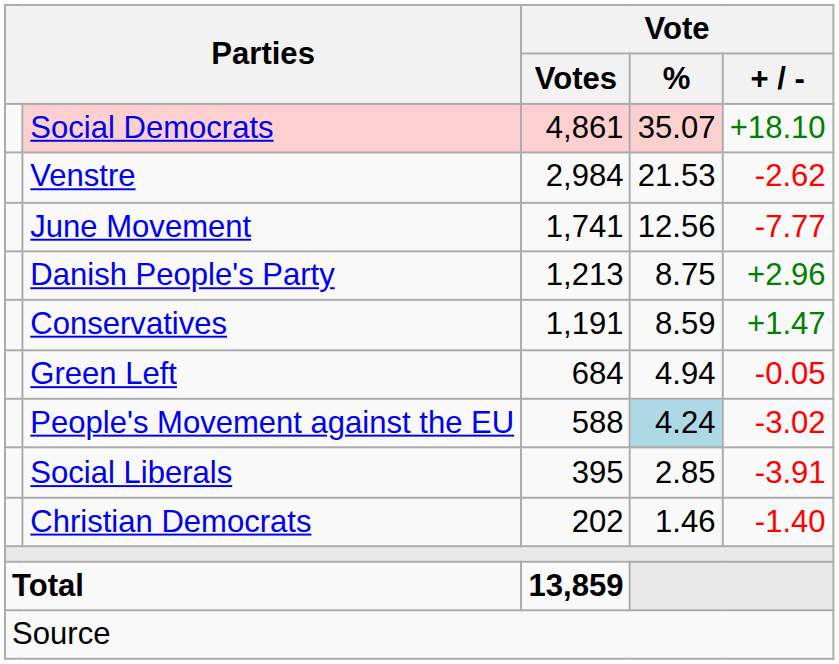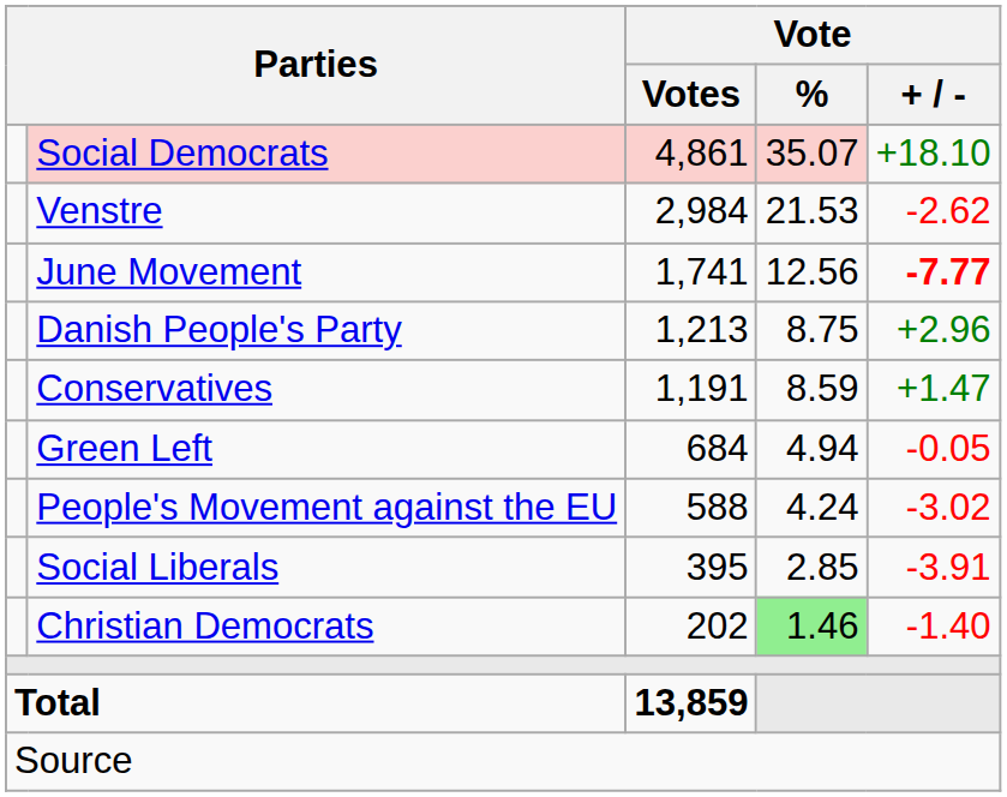 <table class="wikitable" style="text-align:right;">
 <tr>
 <th style="text-align:centre;" rowspan="2" colspan="2" width="225">Parties</th>
 <th colspan="3">Vote</th>
 </tr>
 <tr>
 <th width="15">Votes</th>
 <th width="15">%</th>
 <th width="15">+ / -</th>
 </tr>
 <tr>
 <td width="2" style="color:inherit;background:"></td>
 <td bgcolor=#fbd0ce   align="left"><a href='#'>Social Democrats</a></td>
 <td bgcolor=#fbd0ce>4,861</td>
 <td bgcolor=#fbd0ce>35.07</td>
 <td style=color:green;>+18.10</td>
 </tr>
 <tr>
 <td width="2" style="color:inherit;background:"></td>
 <td align="left"><a href='#'>Venstre</a></td>
 <td>2,984</td>
 <td>21.53</td>
 <td style=color:red;>-2.62</td>
 </tr>
 <tr>
 <td width="2" style="color:inherit;background:"></td>
 <td align="left"><a href='#'>June Movement</a></td>
 <td>1,741</td>
 <td>12.56</td>
-<td style=color:red;>-7.77</td>
+<td style=color:red;><strong>-7.77</strong></td>
 </tr>
 <tr>
 <td width="2" style="color:inherit;background:"></td>
 <td align="left"><a href='#'>Danish People's Party</a></td>
 <td>1,213</td>
 <td>8.75</td>
 <td style=color:green;>+2.96</td>
 </tr>
 <tr>
 <td width="2" style="color:inherit;background:"></td>
 <td align="left"><a href='#'>Conservatives</a></td>
 <td>1,191</td>
 <td>8.59</td>
 <td style=color:green;>+1.47</td>
 </tr>
 <tr>
 <td width="2" style="color:inherit;background:"></td>
 <td align="left"><a href='#'>Green Left</a></td>
 <td>684</td>
 <td>4.94</td>
 <td style=color:red;>-0.05</td>
 </tr>
 <tr>
 <td width="2" style="color:inherit;background:"></td>
 <td align="left"><a href='#'>People's Movement against the EU</a></td>
 <td>588</td>
-<td style="background: lightblue;">4.24</td>
+<td>4.24</td>
 <td style=color:red;>-3.02</td>
 </tr>
 <tr>
 <td width="2" style="color:inherit;background:"></td>
 <td align="left"><a href='#'>Social Liberals</a></td>
 <td>395</td>
 <td>2.85</td>
 <td style=color:red;>-3.91</td>
 </tr>
 <tr>
 <td width="2" style="color:inherit;background:"></td>
 <td align="left"><a href='#'>Christian Democrats</a></td>
 <td>202</td>
-<td>1.46</td>
+<td style="background: lightgreen;">1.46</td>
 <td style=color:red;>-1.40</td>
 </tr>
 <tr>
 <td colspan="7" bgcolor="#E9E9E9"></td>
 </tr>
 <tr>
 <td align="left" colspan="2"><strong>Total</strong></td>
 <td><strong>13,859</strong></td>
 <td bgcolor="#E9E9E9" colspan="2"></td>
 </tr>
 <tr>
 <td align="left" colspan="6">Source</td>
 </tr>
 </table>
